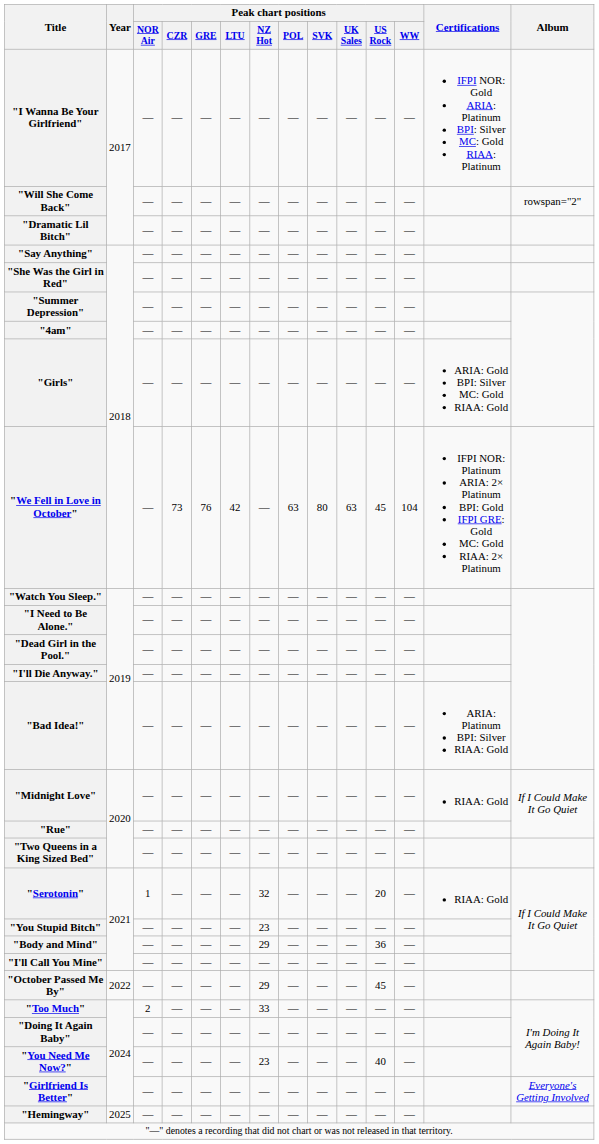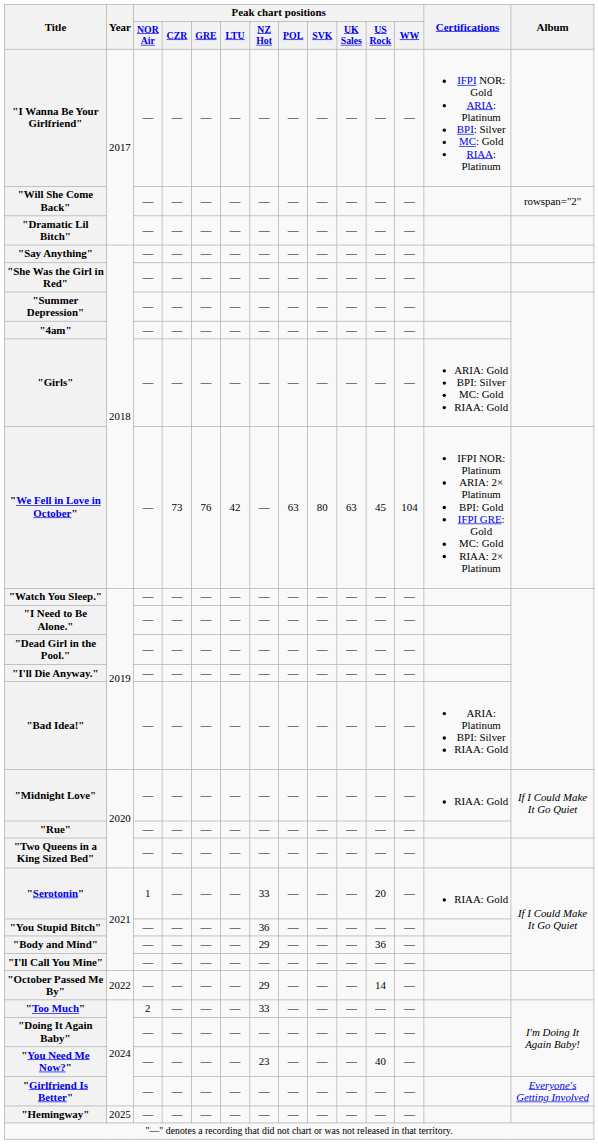 <table class="wikitable plainrowheaders" style="text-align:center;">
 <tr>
 <th scope="col" rowspan="2">Title</th>
 <th scope="col" rowspan="2">Year</th>
 <th scope="col" colspan="10">Peak chart positions</th>
 <th rowspan="2"><a href='#'>Certifications</a></th>
 <th scope="col" rowspan="2">Album</th>
 </tr>
 <tr>
 <th scope="col" style="width:2.5em;font-size:90%;"><a href='#'>NOR<br>Air</a><br></th>
 <th scope="col" style="width:2.5em;font-size:90%;"><a href='#'>CZR</a><br></th>
 <th scope="col" style="width:2.5em;font-size:90%;"><a href='#'>GRE</a><br></th>
 <th scope="col" style="width:2.5em;font-size:90%;"><a href='#'>LTU</a><br></th>
 <th scope="col" style="width:2.5em;font-size:90%;"><a href='#'>NZ<br>Hot</a><br></th>
 <th scope="col" style="width:2.5em;font-size:90%;"><a href='#'>POL</a><br></th>
 <th scope="col" style="width:2.5em;font-size:90%;"><a href='#'>SVK</a><br></th>
 <th scope="col" style="width:2.5em;font-size:90%;"><a href='#'>UK<br>Sales</a><br></th>
 <th scope="col" style="width:2.5em;font-size:90%;"><a href='#'>US<br>Rock</a><br></th>
 <th scope="col" style="width:2.5em;font-size:90%;"><a href='#'>WW</a><br></th>
 </tr>
 <tr>
 <th scope="row">"I Wanna Be Your Girlfriend"</th>
 <td rowspan="3">2017</td>
 <td>—</td>
 <td>—</td>
 <td>—</td>
 <td>—</td>
 <td>—</td>
 <td>—</td>
 <td>—</td>
 <td>—</td>
 <td>—</td>
 <td>—</td>
 <td><br><ul><li><a href='#'>IFPI</a> NOR: Gold</li><li><a href='#'>ARIA</a>: Platinum</li><li><a href='#'>BPI</a>: Silver</li><li><a href='#'>MC</a>: Gold</li><li><a href='#'>RIAA</a>: Platinum</li></ul></td>
 <td></td>
 </tr>
 <tr>
 <th scope="row">"Will She Come Back"</th>
 <td>—</td>
 <td>—</td>
 <td>—</td>
 <td>—</td>
 <td>—</td>
 <td>—</td>
 <td>—</td>
 <td>—</td>
 <td>—</td>
 <td>—</td>
 <td></td>
 <td>rowspan="2" </td>
 </tr>
 <tr>
 <th scope="row">"Dramatic Lil Bitch"</th>
 <td>—</td>
 <td>—</td>
 <td>—</td>
 <td>—</td>
 <td>—</td>
 <td>—</td>
 <td>—</td>
 <td>—</td>
 <td>—</td>
 <td>—</td>
 <td></td>
 </tr>
 <tr>
 <th scope="row">"Say Anything"</th>
 <td rowspan="6">2018</td>
 <td>—</td>
 <td>—</td>
 <td>—</td>
 <td>—</td>
 <td>—</td>
 <td>—</td>
 <td>—</td>
 <td>—</td>
 <td>—</td>
 <td>—</td>
 <td></td>
 <td></td>
 </tr>
 <tr>
 <th scope="row">"She Was the Girl in Red"</th>
 <td>—</td>
 <td>—</td>
 <td>—</td>
 <td>—</td>
 <td>—</td>
 <td>—</td>
 <td>—</td>
 <td>—</td>
 <td>—</td>
 <td>—</td>
 <td></td>
 <td></td>
 </tr>
 <tr>
 <th scope="row">"Summer Depression"</th>
 <td>—</td>
 <td>—</td>
 <td>—</td>
 <td>—</td>
 <td>—</td>
 <td>—</td>
 <td>—</td>
 <td>—</td>
 <td>—</td>
 <td>—</td>
 <td></td>
 <td rowspan="3"></td>
 </tr>
 <tr>
 <th scope="row">"4am"</th>
 <td>—</td>
 <td>—</td>
 <td>—</td>
 <td>—</td>
 <td>—</td>
 <td>—</td>
 <td>—</td>
 <td>—</td>
 <td>—</td>
 <td>—</td>
 <td></td>
 </tr>
 <tr>
 <th scope="row">"Girls"</th>
 <td>—</td>
 <td>—</td>
 <td>—</td>
 <td>—</td>
 <td>—</td>
 <td>—</td>
 <td>—</td>
 <td>—</td>
 <td>—</td>
 <td>—</td>
 <td><br><ul><li>ARIA: Gold</li><li>BPI: Silver</li><li>MC: Gold</li><li>RIAA: Gold</li></ul></td>
 </tr>
 <tr>
 <th scope="row">"<a href='#'>We Fell in Love in October</a>"</th>
 <td>—</td>
 <td>73</td>
 <td>76</td>
 <td>42</td>
 <td>—</td>
 <td>63</td>
 <td>80</td>
 <td>63</td>
 <td>45</td>
 <td>104</td>
 <td><br><ul><li>IFPI NOR: Platinum</li><li>ARIA: 2× Platinum</li><li>BPI: Gold</li><li><a href='#'>IFPI GRE</a>: Gold</li><li>MC: Gold</li><li>RIAA: 2× Platinum</li></ul></td>
 <td></td>
 </tr>
 <tr>
 <th scope="row">"Watch You Sleep."</th>
 <td rowspan="5">2019</td>
 <td>—</td>
 <td>—</td>
 <td>—</td>
 <td>—</td>
 <td>—</td>
 <td>—</td>
 <td>—</td>
 <td>—</td>
 <td>—</td>
 <td>—</td>
 <td></td>
 <td rowspan="5"></td>
 </tr>
 <tr>
 <th scope="row">"I Need to Be Alone."</th>
 <td>—</td>
 <td>—</td>
 <td>—</td>
 <td>—</td>
 <td>—</td>
 <td>—</td>
 <td>—</td>
 <td>—</td>
 <td>—</td>
 <td>—</td>
 <td></td>
 </tr>
 <tr>
 <th scope="row">"Dead Girl in the Pool."</th>
 <td>—</td>
 <td>—</td>
 <td>—</td>
 <td>—</td>
 <td>—</td>
 <td>—</td>
 <td>—</td>
 <td>—</td>
 <td>—</td>
 <td>—</td>
 <td></td>
 </tr>
 <tr>
 <th scope="row">"I'll Die Anyway."</th>
 <td>—</td>
 <td>—</td>
 <td>—</td>
 <td>—</td>
 <td>—</td>
 <td>—</td>
 <td>—</td>
 <td>—</td>
 <td>—</td>
 <td>—</td>
 <td></td>
 </tr>
 <tr>
 <th scope="row">"Bad Idea!"</th>
 <td>—</td>
 <td>—</td>
 <td>—</td>
 <td>—</td>
 <td>—</td>
 <td>—</td>
 <td>—</td>
 <td>—</td>
 <td>—</td>
 <td>—</td>
 <td><br><ul><li>ARIA: Platinum</li><li>BPI: Silver</li><li>RIAA: Gold</li></ul></td>
 </tr>
 <tr>
 <th scope="row">"Midnight Love"</th>
 <td rowspan="3">2020</td>
 <td>—</td>
 <td>—</td>
 <td>—</td>
 <td>—</td>
 <td>—</td>
 <td>—</td>
 <td>—</td>
 <td>—</td>
 <td>—</td>
 <td>—</td>
 <td><br><ul><li>RIAA: Gold</li></ul></td>
 <td rowspan="2"><em>If I Could Make It Go Quiet</em></td>
 </tr>
 <tr>
 <th scope="row">"Rue"</th>
 <td>—</td>
 <td>—</td>
 <td>—</td>
 <td>—</td>
 <td>—</td>
 <td>—</td>
 <td>—</td>
 <td>—</td>
 <td>—</td>
 <td>—</td>
 <td></td>
 </tr>
 <tr>
 <th scope="row">"Two Queens in a King Sized Bed"</th>
 <td>—</td>
 <td>—</td>
 <td>—</td>
 <td>—</td>
 <td>—</td>
 <td>—</td>
 <td>—</td>
 <td>—</td>
 <td>—</td>
 <td>—</td>
 <td></td>
 <td></td>
 </tr>
 <tr>
 <th scope="row">"<a href='#'>Serotonin</a>"</th>
 <td rowspan="4">2021</td>
 <td>1</td>
 <td>—</td>
 <td>—</td>
 <td>—</td>
-<td>32</td>
+<td>33</td>
 <td>—</td>
 <td>—</td>
 <td>—</td>
 <td>20</td>
 <td>—</td>
 <td><br><ul><li>RIAA: Gold</li></ul></td>
 <td rowspan="4"><em>If I Could Make It Go Quiet</em></td>
 </tr>
 <tr>
 <th scope="row">"You Stupid Bitch"</th>
 <td>—</td>
 <td>—</td>
 <td>—</td>
 <td>—</td>
-<td>23</td>
+<td>36</td>
 <td>—</td>
 <td>—</td>
 <td>—</td>
 <td>—</td>
 <td>—</td>
 <td></td>
 </tr>
 <tr>
 <th scope="row">"Body and Mind"</th>
 <td>—</td>
 <td>—</td>
 <td>—</td>
 <td>—</td>
 <td>29</td>
 <td>—</td>
 <td>—</td>
 <td>—</td>
 <td>36</td>
 <td>—</td>
 <td></td>
 </tr>
 <tr>
 <th scope="row">"I'll Call You Mine"</th>
 <td>—</td>
 <td>—</td>
 <td>—</td>
 <td>—</td>
 <td>—</td>
 <td>—</td>
 <td>—</td>
 <td>—</td>
 <td>—</td>
 <td>—</td>
 <td></td>
 </tr>
 <tr>
 <th scope="row">"October Passed Me By"</th>
 <td>2022</td>
 <td>—</td>
 <td>—</td>
 <td>—</td>
 <td>—</td>
 <td>29</td>
 <td>—</td>
 <td>—</td>
 <td>—</td>
-<td>45</td>
+<td>14</td>
 <td>—</td>
 <td></td>
 <td></td>
 </tr>
 <tr>
 <th scope="row">"<a href='#'>Too Much</a>"</th>
 <td rowspan="4">2024</td>
 <td>2</td>
 <td>—</td>
 <td>—</td>
 <td>—</td>
 <td>33</td>
 <td>—</td>
 <td>—</td>
 <td>—</td>
 <td>—</td>
 <td>—</td>
 <td></td>
 <td rowspan="3"><em>I'm Doing It Again Baby!</em></td>
 </tr>
 <tr>
 <th scope="row">"Doing It Again Baby"</th>
 <td>—</td>
 <td>—</td>
 <td>—</td>
 <td>—</td>
 <td>—</td>
 <td>—</td>
 <td>—</td>
 <td>—</td>
 <td>—</td>
 <td>—</td>
 <td></td>
 </tr>
 <tr>
 <th scope="row">"<a href='#'>You Need Me Now?</a>"<br></th>
 <td>—</td>
 <td>—</td>
 <td>—</td>
 <td>—</td>
 <td>23</td>
 <td>—</td>
 <td>—</td>
 <td>—</td>
 <td>40</td>
 <td>—</td>
 <td></td>
 </tr>
 <tr>
 <th scope="row">"<a href='#'>Girlfriend Is Better</a>"</th>
 <td>—</td>
 <td>—</td>
 <td>—</td>
 <td>—</td>
 <td>—</td>
 <td>—</td>
 <td>—</td>
 <td>—</td>
 <td>—</td>
 <td>—</td>
 <td></td>
 <td><em><a href='#'>Everyone's Getting Involved</a></em></td>
 </tr>
 <tr>
 <th scope="row">"Hemingway"</th>
 <td>2025</td>
 <td>—</td>
 <td>—</td>
 <td>—</td>
 <td>—</td>
 <td>—</td>
 <td>—</td>
 <td>—</td>
 <td>—</td>
 <td>—</td>
 <td>—</td>
 <td></td>
 <td></td>
 </tr>
 <tr>
 <td colspan="14" style="text-align:center; font-size:90%">"—" denotes a recording that did not chart or was not released in that territory.</td>
 </tr>
 </table>
